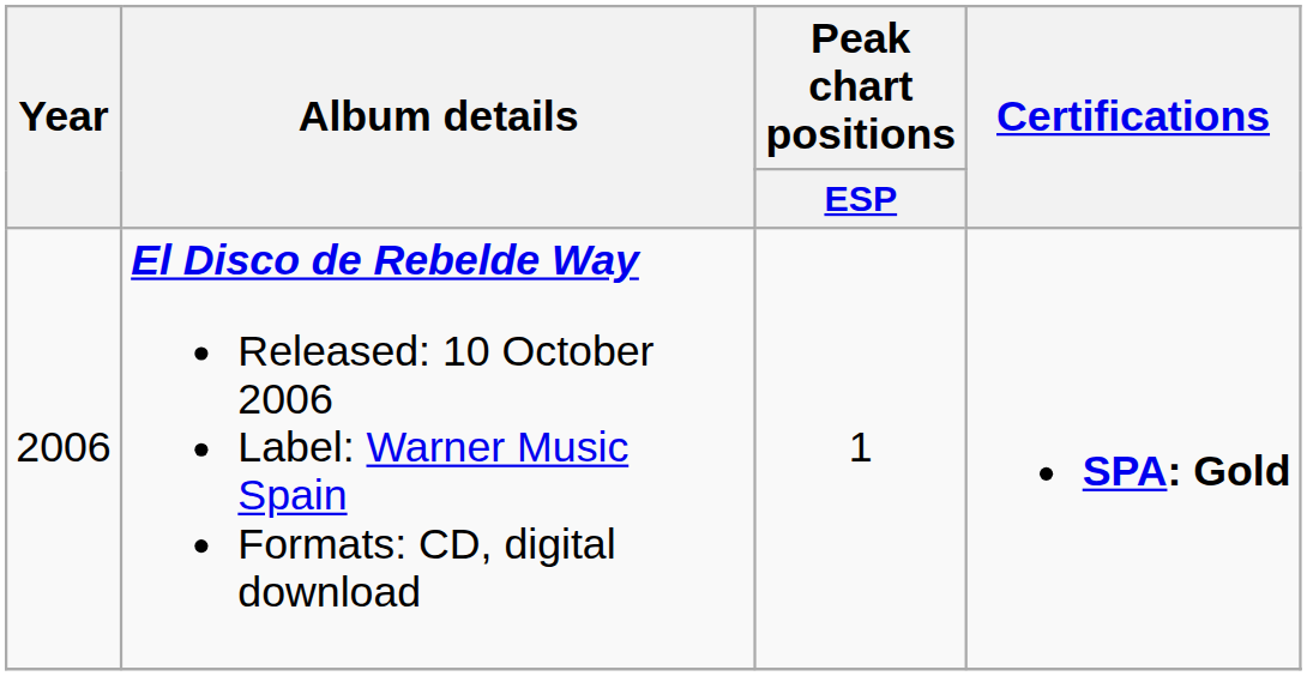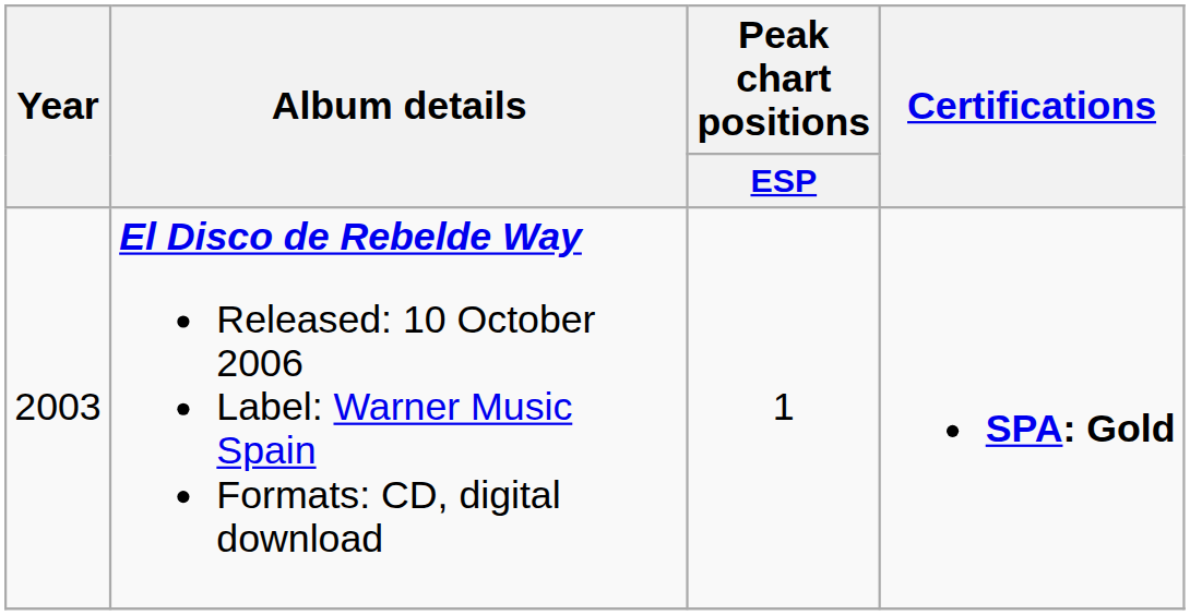 <table class="wikitable" style="text-align:center;">
 <tr>
 <th rowspan="2">Year</th>
 <th rowspan="2" width="230">Album details</th>
 <th colspan="1">Peak chart positions</th>
 <th rowspan="2"><a href='#'>Certifications</a></th>
 </tr>
 <tr>
 <th style="width:3em;font-size:85%"><a href='#'>ESP</a></th>
 </tr>
 <tr>
-<td>2006</td>
+<td>2003</td>
 <td align=left><strong><em><a href='#'>El Disco de Rebelde Way</a></em></strong><br><ul><li>Released: 10 October 2006</li><li>Label: <a href='#'>Warner Music Spain</a></li><li>Formats: CD, digital download</li></ul></td>
 <td>1</td>
 <td align="left"><strong><br><ul><li><a href='#'>SPA</a>: Gold</li></ul></strong></td>
 </tr>
 <tr>
 </tr>
 </table>
